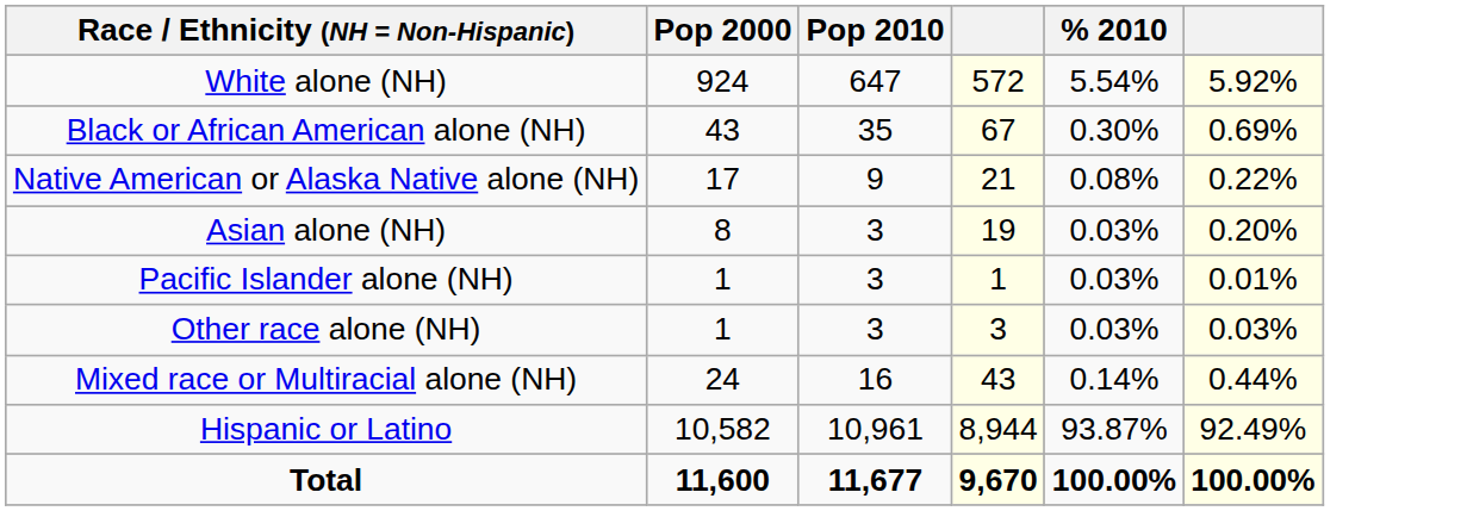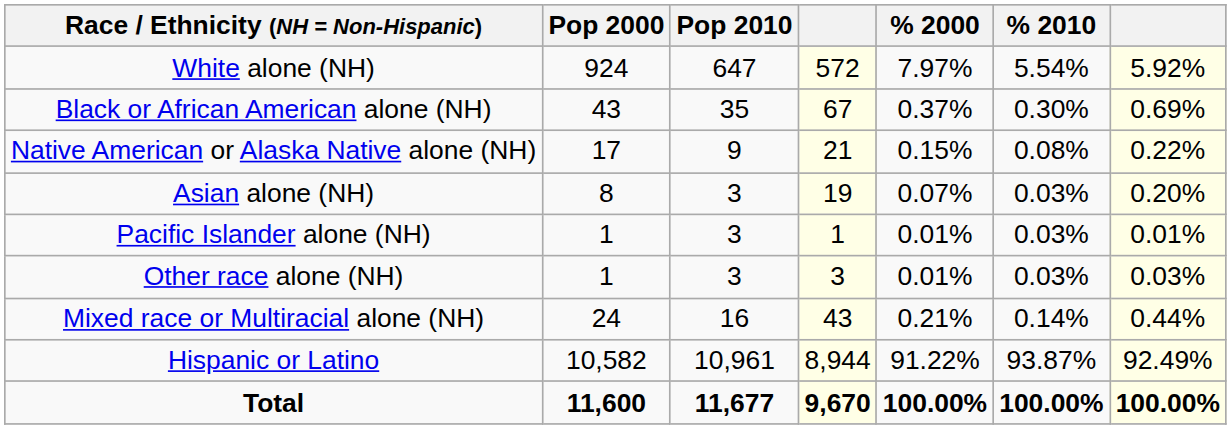 <table class="wikitable" style="text-align:center;">
 <tr>
 <th>Race / Ethnicity <small>(<em>NH = Non-Hispanic</em>)</small></th>
 <th>Pop 2000</th>
 <th>Pop 2010</th>
 <th></th>
+<th>% 2000</th>
 <th>% 2010</th>
 <th></th>
 </tr>
 <tr>
 <td><a href='#'>White</a> alone (NH)</td>
 <td>924</td>
 <td>647</td>
 <td style='background: #ffffe6;'>572</td>
+<td>7.97%</td>
 <td>5.54%</td>
 <td style='background: #ffffe6;'>5.92%</td>
 </tr>
 <tr>
 <td><a href='#'>Black or African American</a> alone (NH)</td>
 <td>43</td>
 <td>35</td>
 <td style='background: #ffffe6;'>67</td>
+<td>0.37%</td>
 <td>0.30%</td>
 <td style='background: #ffffe6;'>0.69%</td>
 </tr>
 <tr>
 <td><a href='#'>Native American</a> or <a href='#'>Alaska Native</a> alone (NH)</td>
 <td>17</td>
 <td>9</td>
 <td style='background: #ffffe6;'>21</td>
+<td>0.15%</td>
 <td>0.08%</td>
 <td style='background: #ffffe6;'>0.22%</td>
 </tr>
 <tr>
 <td><a href='#'>Asian</a> alone (NH)</td>
 <td>8</td>
 <td>3</td>
 <td style='background: #ffffe6;'>19</td>
+<td>0.07%</td>
 <td>0.03%</td>
 <td style='background: #ffffe6;'>0.20%</td>
 </tr>
 <tr>
 <td><a href='#'>Pacific Islander</a> alone (NH)</td>
 <td>1</td>
 <td>3</td>
 <td style='background: #ffffe6;'>1</td>
+<td>0.01%</td>
 <td>0.03%</td>
 <td style='background: #ffffe6;'>0.01%</td>
 </tr>
 <tr>
 <td><a href='#'>Other race</a> alone (NH)</td>
 <td>1</td>
 <td>3</td>
 <td style='background: #ffffe6;'>3</td>
+<td>0.01%</td>
 <td>0.03%</td>
 <td style='background: #ffffe6;'>0.03%</td>
 </tr>
 <tr>
 <td><a href='#'>Mixed race or Multiracial</a> alone (NH)</td>
 <td>24</td>
 <td>16</td>
 <td style='background: #ffffe6;'>43</td>
+<td>0.21%</td>
 <td>0.14%</td>
 <td style='background: #ffffe6;'>0.44%</td>
 </tr>
 <tr>
 <td><a href='#'>Hispanic or Latino</a></td>
 <td>10,582</td>
 <td>10,961</td>
 <td style='background: #ffffe6;'>8,944</td>
+<td>91.22%</td>
 <td>93.87%</td>
 <td style='background: #ffffe6;'>92.49%</td>
 </tr>
 <tr>
 <td><strong>Total</strong></td>
 <td><strong>11,600</strong></td>
 <td><strong>11,677</strong></td>
 <td style='background: #ffffe6;'><strong>9,670</strong></td>
 <td><strong>100.00%</strong></td>
+<td><strong>100.00%</strong></td>
 <td style='background: #ffffe6;'><strong>100.00%</strong></td>
 </tr>
 </table>
